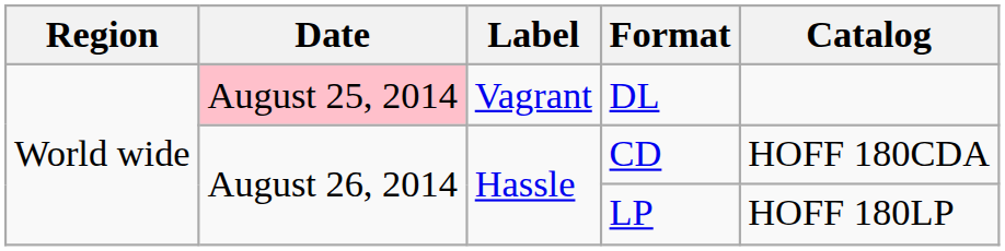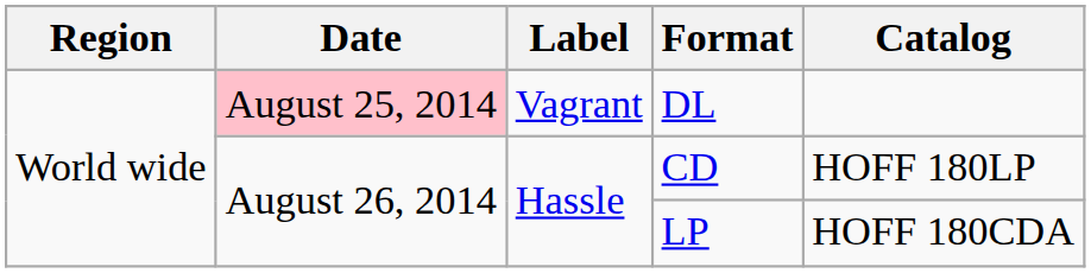 <table class="wikitable">
 <tr>
 <th>Region</th>
 <th>Date</th>
 <th>Label</th>
 <th>Format</th>
 <th>Catalog</th>
 </tr>
 <tr>
 <td rowspan=3>World wide</td>
 <td style="background: pink;">August 25, 2014</td>
 <td><a href='#'>Vagrant</a></td>
 <td><a href='#'>DL</a></td>
 <td></td>
 </tr>
 <tr>
 <td rowspan=2>August 26, 2014</td>
 <td rowspan=2><a href='#'>Hassle</a></td>
 <td><a href='#'>CD</a></td>
-<td>HOFF 180CDA</td>
+<td>HOFF 180LP</td>
 </tr>
 <tr>
 <td><a href='#'>LP</a></td>
-<td>HOFF 180LP</td>
+<td>HOFF 180CDA</td>
 </tr>
 </table>
